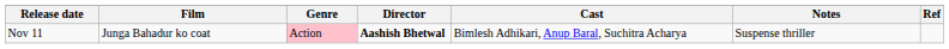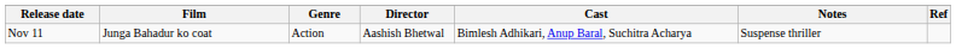 <table class="wikitable sortable" style="width:100%">
 <tr shor>
 </tr>
 <tr>
 <th style="width:10%;">Release date</th>
 <th style="width:20%;">Film</th>
 <th !style="width:10%;">Genre</th>
 <th style="width:10%;">Director</th>
 <th style="width:30%;">Cast</th>
 <th style="width:20%;">Notes</th>
 <th style="width:2%;">Ref</th>
 </tr>
 <tr>
 <td>Nov 11</td>
 <td>Junga Bahadur ko coat</td>
-<td style="background: pink;">Action</td>
-<td><strong>Aashish Bhetwal</strong></td>
+<td>Action</td>
+<td>Aashish Bhetwal</td>
 <td>Bimlesh Adhikari, <a href='#'>Anup Baral</a>, Suchitra Acharya</td>
 <td>Suspense thriller</td>
 <td></td>
 </tr>
 </table>
